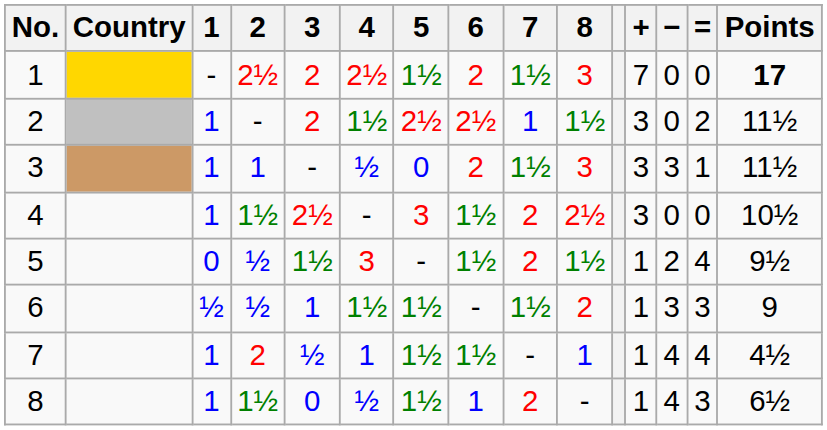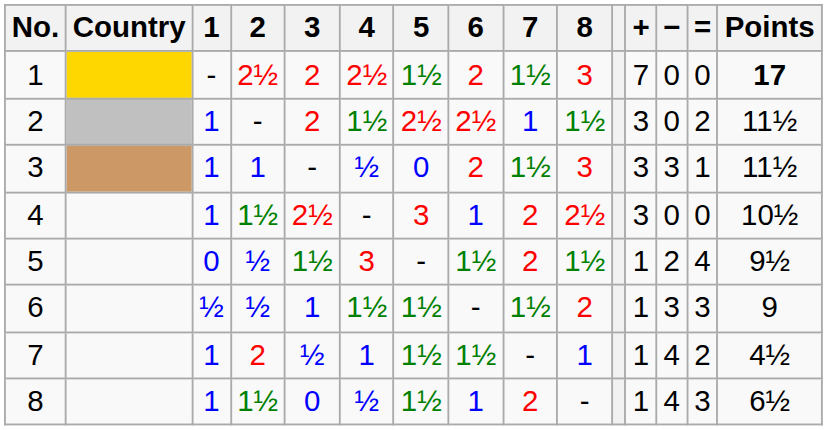 <table class="wikitable" style="text-align:center">
 <tr>
 <th>No.</th>
 <th>Country</th>
 <th>1</th>
 <th>2</th>
 <th>3</th>
 <th>4</th>
 <th>5</th>
 <th>6</th>
 <th>7</th>
 <th>8</th>
 <th></th>
 <th>+</th>
 <th>−</th>
 <th>=</th>
 <th>Points</th>
 </tr>
 <tr>
 <td>1</td>
 <td align=left bgcolor="gold"></td>
 <td>-</td>
 <td style="color:red;">2½</td>
 <td style="color:red;">2</td>
 <td style="color:red;">2½</td>
 <td style="color:green;">1½</td>
 <td style="color:red;">2</td>
 <td style="color:green;">1½</td>
 <td style="color:red;">3</td>
 <th></th>
 <td>7</td>
 <td>0</td>
 <td>0</td>
 <td><strong>17</strong></td>
 </tr>
 <tr>
 <td>2</td>
 <td align=left bgcolor="silver"></td>
 <td style="color:blue;">1</td>
 <td>-</td>
 <td style="color:red;">2</td>
 <td style="color:green;">1½</td>
 <td style="color:red;">2½</td>
 <td style="color:red;">2½</td>
 <td style="color:blue;">1</td>
 <td style="color:green;">1½</td>
 <th></th>
 <td>3</td>
 <td>0</td>
 <td>2</td>
 <td>11½</td>
 </tr>
 <tr>
 <td>3</td>
 <td align=left bgcolor="CC9966"></td>
 <td style="color:blue;">1</td>
 <td style="color:blue;">1</td>
 <td>-</td>
 <td style="color:blue;">½</td>
 <td style="color:blue;">0</td>
 <td style="color:red;">2</td>
 <td style="color:green;">1½</td>
 <td style="color:red;">3</td>
 <th></th>
 <td>3</td>
 <td>3</td>
 <td>1</td>
 <td>11½</td>
 </tr>
 <tr>
 <td>4</td>
 <td style="text-align: left"></td>
 <td style="color:blue;">1</td>
 <td style="color:green;">1½</td>
 <td style="color:red;">2½</td>
 <td>-</td>
 <td style="color:red;">3</td>
-<td style="color:green;">1½</td>
+<td style="color:blue;">1</td>
 <td style="color:red;">2</td>
 <td style="color:red;">2½</td>
 <th></th>
 <td>3</td>
 <td>0</td>
 <td>0</td>
 <td>10½</td>
 </tr>
 <tr>
 <td>5</td>
 <td style="text-align: left"></td>
 <td style="color:blue;">0</td>
 <td style="color:blue;">½</td>
 <td style="color:green;">1½</td>
 <td style="color:red;">3</td>
 <td>-</td>
 <td style="color:green;">1½</td>
 <td style="color:red;">2</td>
 <td style="color:green;">1½</td>
 <th></th>
 <td>1</td>
 <td>2</td>
 <td>4</td>
 <td>9½</td>
 </tr>
 <tr>
 <td>6</td>
 <td style="text-align: left"></td>
 <td style="color:blue;">½</td>
 <td style="color:blue;">½</td>
 <td style="color:blue;">1</td>
 <td style="color:green;">1½</td>
 <td style="color:green;">1½</td>
 <td>-</td>
 <td style="color:green;">1½</td>
 <td style="color:red;">2</td>
 <th></th>
 <td>1</td>
 <td>3</td>
 <td>3</td>
 <td>9</td>
 </tr>
 <tr>
 <td>7</td>
 <td style="text-align: left"></td>
 <td style="color:blue;">1</td>
 <td style="color:red;">2</td>
 <td style="color:blue;">½</td>
 <td style="color:blue;">1</td>
 <td style="color:green;">1½</td>
 <td style="color:green;">1½</td>
 <td>-</td>
 <td style="color:blue;">1</td>
 <th></th>
 <td>1</td>
 <td>4</td>
-<td>4</td>
+<td>2</td>
 <td>4½</td>
 </tr>
 <tr>
 <td>8</td>
 <td style="text-align: left"></td>
 <td style="color:blue;">1</td>
 <td style="color:green;">1½</td>
 <td style="color:blue;">0</td>
 <td style="color:blue;">½</td>
 <td style="color:green;">1½</td>
 <td style="color:blue;">1</td>
 <td style="color:red;">2</td>
 <td>-</td>
 <th></th>
 <td>1</td>
 <td>4</td>
 <td>3</td>
 <td>6½</td>
 </tr>
 </table>
